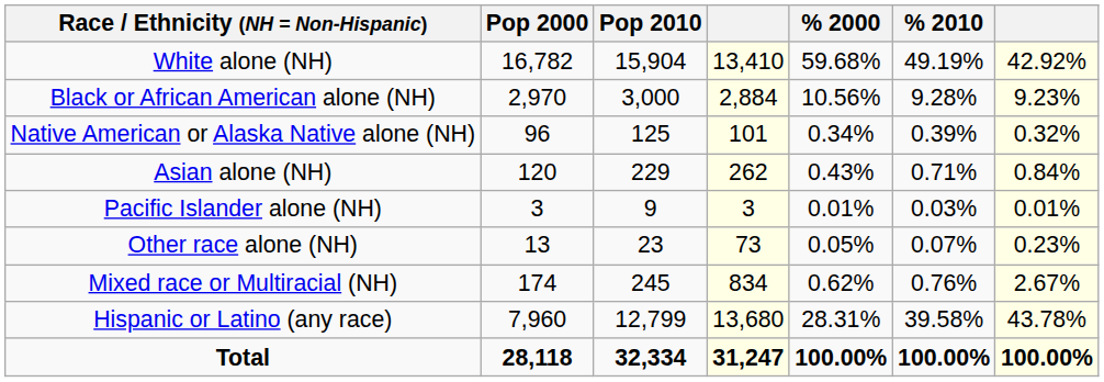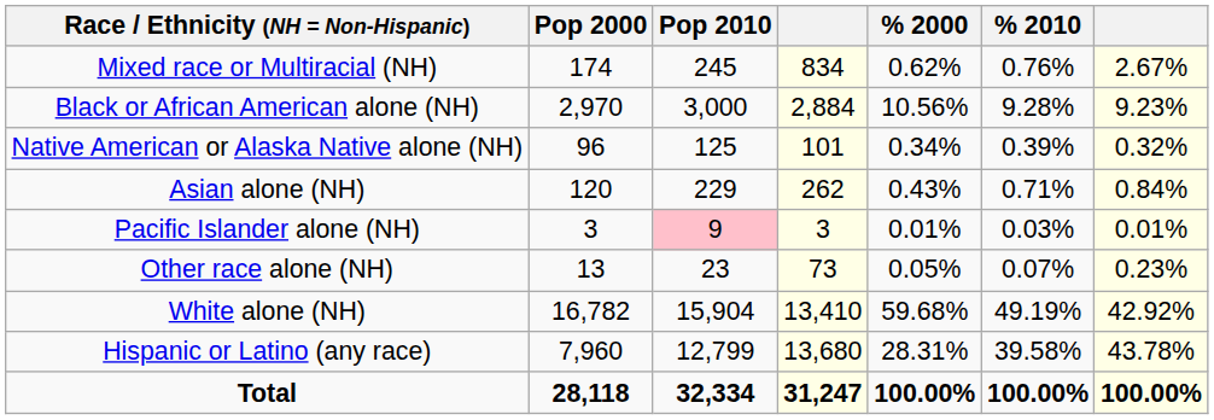 <table class="wikitable" style="text-align:center;">
 <tr>
 <th>Race / Ethnicity <small>(<em>NH = Non-Hispanic</em>)</small></th>
 <th>Pop 2000</th>
 <th>Pop 2010</th>
 <th></th>
 <th>% 2000</th>
 <th>% 2010</th>
 <th></th>
 </tr>
 <tr>
-<td><a href='#'>White</a> alone (NH)</td>
-<td>16,782</td>
-<td>15,904</td>
-<td style='background: #ffffe6;'>13,410</td>
-<td>59.68%</td>
-<td>49.19%</td>
-<td style='background: #ffffe6;'>42.92%</td>
+<td><a href='#'>Mixed race or Multiracial</a> (NH)</td>
+<td>174</td>
+<td>245</td>
+<td style='background: #ffffe6;'>834</td>
+<td>0.62%</td>
+<td>0.76%</td>
+<td style='background: #ffffe6;'>2.67%</td>
 </tr>
 <tr>
 <td><a href='#'>Black or African American</a> alone (NH)</td>
 <td>2,970</td>
 <td>3,000</td>
 <td style='background: #ffffe6;'>2,884</td>
 <td>10.56%</td>
 <td>9.28%</td>
 <td style='background: #ffffe6;'>9.23%</td>
 </tr>
 <tr>
 <td><a href='#'>Native American</a> or <a href='#'>Alaska Native</a> alone (NH)</td>
 <td>96</td>
 <td>125</td>
 <td style='background: #ffffe6;'>101</td>
 <td>0.34%</td>
 <td>0.39%</td>
 <td style='background: #ffffe6;'>0.32%</td>
 </tr>
 <tr>
 <td><a href='#'>Asian</a> alone (NH)</td>
 <td>120</td>
 <td>229</td>
 <td style='background: #ffffe6;'>262</td>
 <td>0.43%</td>
 <td>0.71%</td>
 <td style='background: #ffffe6;'>0.84%</td>
 </tr>
 <tr>
 <td><a href='#'>Pacific Islander</a> alone (NH)</td>
 <td>3</td>
-<td>9</td>
+<td style="background: pink;">9</td>
 <td style='background: #ffffe6;'>3</td>
 <td>0.01%</td>
 <td>0.03%</td>
 <td style='background: #ffffe6;'>0.01%</td>
 </tr>
 <tr>
 <td><a href='#'>Other race</a> alone (NH)</td>
 <td>13</td>
 <td>23</td>
 <td style='background: #ffffe6;'>73</td>
 <td>0.05%</td>
 <td>0.07%</td>
 <td style='background: #ffffe6;'>0.23%</td>
 </tr>
 <tr>
-<td><a href='#'>Mixed race or Multiracial</a> (NH)</td>
-<td>174</td>
-<td>245</td>
-<td style='background: #ffffe6;'>834</td>
-<td>0.62%</td>
-<td>0.76%</td>
-<td style='background: #ffffe6;'>2.67%</td>
+<td><a href='#'>White</a> alone (NH)</td>
+<td>16,782</td>
+<td>15,904</td>
+<td style='background: #ffffe6;'>13,410</td>
+<td>59.68%</td>
+<td>49.19%</td>
+<td style='background: #ffffe6;'>42.92%</td>
 </tr>
 <tr>
 <td><a href='#'>Hispanic or Latino</a> (any race)</td>
 <td>7,960</td>
 <td>12,799</td>
 <td style='background: #ffffe6;'>13,680</td>
 <td>28.31%</td>
 <td>39.58%</td>
 <td style='background: #ffffe6;'>43.78%</td>
 </tr>
 <tr>
 <td><strong>Total</strong></td>
 <td><strong>28,118</strong></td>
 <td><strong>32,334</strong></td>
 <td style='background: #ffffe6;'><strong>31,247</strong></td>
 <td><strong>100.00%</strong></td>
 <td><strong>100.00%</strong></td>
 <td style='background: #ffffe6;'><strong>100.00%</strong></td>
 </tr>
 </table>
